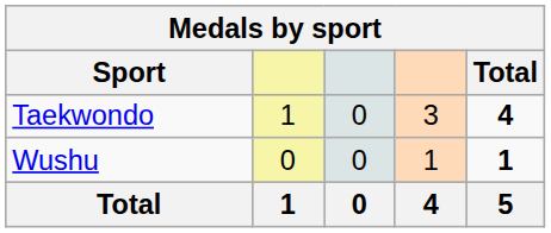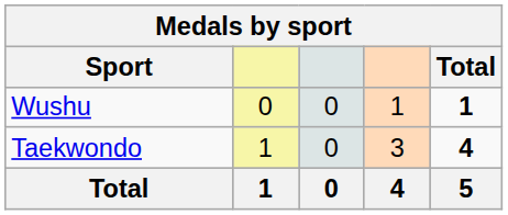 <table class="wikitable" style="font-size:90%; text-align:center;">
 <tr>
 <th colspan=5>Medals by sport</th>
 </tr>
 <tr>
 <th width=120>Sport</th>
 <th scope="col" width=30 style="background:#F7F6A8;"></th>
 <th scope="col" width=30 style="background:#DCE5E5;"></th>
 <th scope="col" width=30 style="background:#FFDAB9;"></th>
 <th width=30>Total</th>
 </tr>
 <tr>
+<td align=left><a href='#'>Wushu</a></td>
+<td style="background:#F7F6A8;">0</td>
+<td style="background:#DCE5E5;">0</td>
+<td style="background:#FFDAB9;">1</td>
+<td><strong>1</strong></td>
+</tr>
+<tr>
 <td align=left><a href='#'>Taekwondo</a></td>
 <td style="background:#F7F6A8;">1</td>
 <td style="background:#DCE5E5;">0</td>
 <td style="background:#FFDAB9;">3</td>
 <td><strong>4</strong></td>
-</tr>
-<tr>
-<td align=left><a href='#'>Wushu</a></td>
-<td style="background:#F7F6A8;">0</td>
-<td style="background:#DCE5E5;">0</td>
-<td style="background:#FFDAB9;">1</td>
-<td><strong>1</strong></td>
 </tr>
 <tr class="sortbottom">
 <th>Total</th>
 <th>1</th>
 <th>0</th>
 <th>4</th>
 <th>5</th>
 </tr>
 </table>
